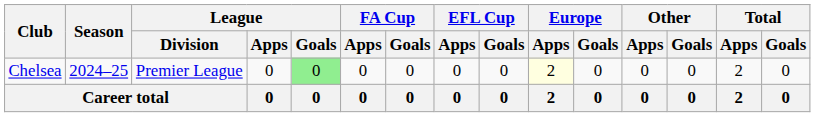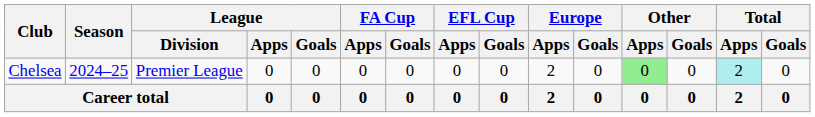 <table class="wikitable" style="text-align:center;">
 <tr>
 <th rowspan="2">Club</th>
 <th rowspan="2">Season</th>
 <th colspan="3">League</th>
 <th colspan="2"><a href='#'>FA Cup</a></th>
 <th colspan="2"><a href='#'>EFL Cup</a></th>
 <th colspan="2"><a href='#'>Europe</a></th>
 <th colspan="2">Other</th>
 <th colspan="2">Total</th>
 </tr>
 <tr>
 <th>Division</th>
 <th>Apps</th>
 <th>Goals</th>
 <th>Apps</th>
 <th>Goals</th>
 <th>Apps</th>
 <th>Goals</th>
 <th>Apps</th>
 <th>Goals</th>
 <th>Apps</th>
 <th>Goals</th>
 <th>Apps</th>
 <th>Goals</th>
 </tr>
 <tr>
 <td><a href='#'>Chelsea</a></td>
 <td><a href='#'>2024–25</a></td>
 <td><a href='#'>Premier League</a></td>
 <td>0</td>
-<td style="background: lightgreen;">0</td>
 <td>0</td>
 <td>0</td>
 <td>0</td>
 <td>0</td>
-<td style="background: lightyellow;">2</td>
-<td>0</td>
-<td>0</td>
 <td>0</td>
 <td>2</td>
+<td>0</td>
+<td style="background: lightgreen;">0</td>
+<td>0</td>
+<td style="background: paleturquoise;">2</td>
 <td>0</td>
 </tr>
 <tr>
 <th colspan="3">Career total</th>
 <th>0</th>
 <th>0</th>
 <th>0</th>
 <th>0</th>
 <th>0</th>
 <th>0</th>
 <th>2</th>
 <th>0</th>
 <th>0</th>
 <th>0</th>
 <th>2</th>
 <th>0</th>
 </tr>
 </table>
